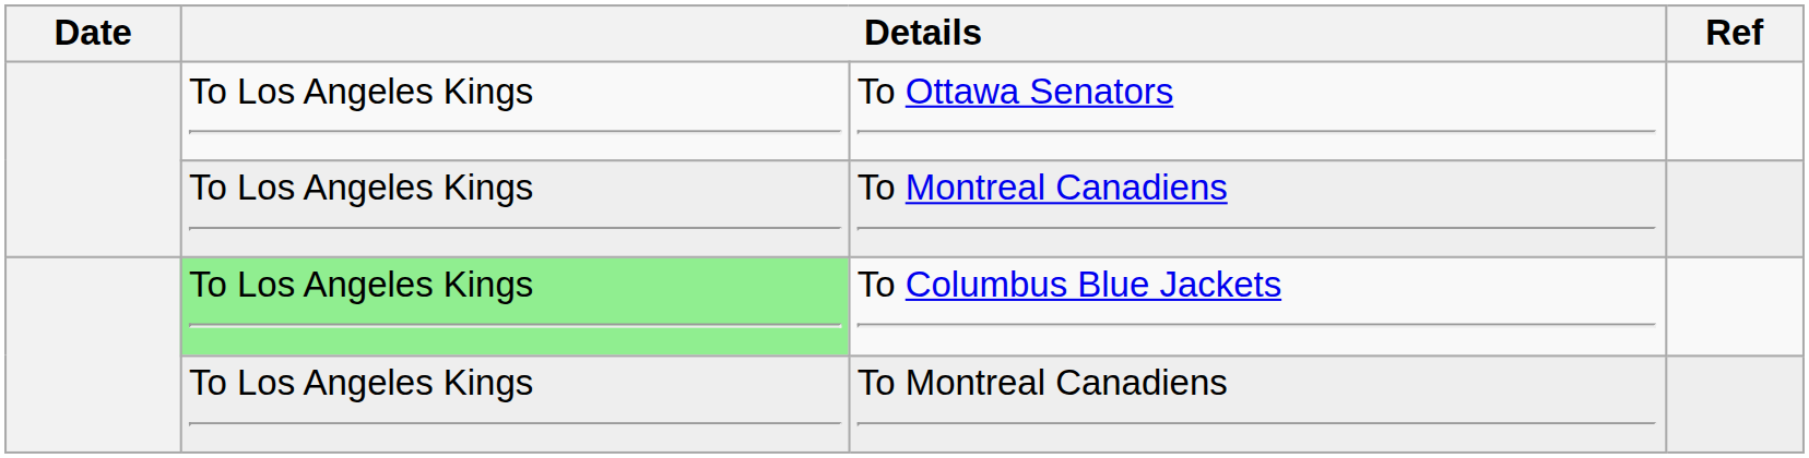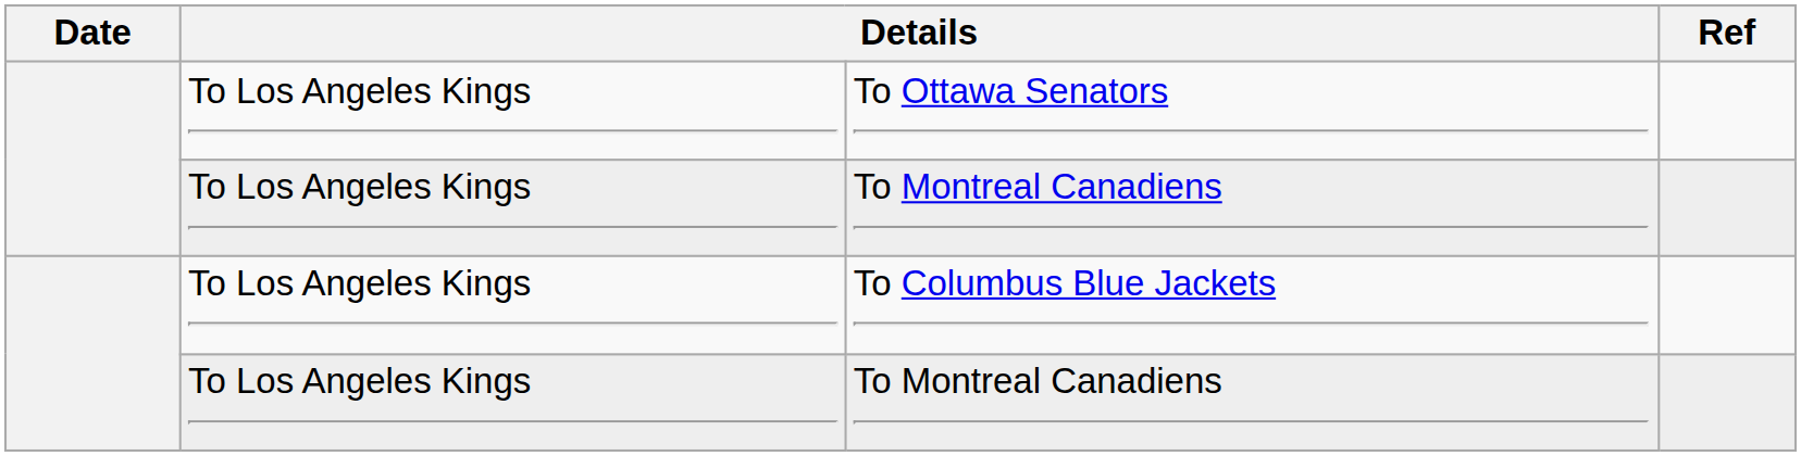 <table class="wikitable plainrowheaders" style="width: 50em;">
 <tr>
 <th scope="col">Date</th>
 <th scope="col" colspan="2">Details</th>
 <th scope="col">Ref</th>
 </tr>
 <tr>
 <th scope="row" rowspan=2></th>
 <td valign="top">To Los Angeles Kings<hr></td>
 <td valign="top">To <a href='#'>Ottawa Senators</a><hr></td>
 <td></td>
 </tr>
 <tr style="background:#eee;">
 <td valign="top">To Los Angeles Kings<hr></td>
 <td valign="top">To <a href='#'>Montreal Canadiens</a><hr></td>
 <td></td>
 </tr>
 <tr>
 <th scope="row" rowspan=2></th>
-<td valign="top" style="background: lightgreen;">To Los Angeles Kings<hr></td>
+<td valign="top">To Los Angeles Kings<hr></td>
 <td valign="top">To <a href='#'>Columbus Blue Jackets</a><hr></td>
 <td></td>
 </tr>
 <tr style="background:#eee;">
 <td valign="top">To Los Angeles Kings<hr></td>
 <td valign="top">To Montreal Canadiens<hr></td>
 <td></td>
 </tr>
 </table>
